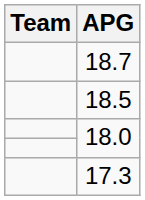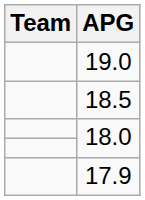 <table class=wikitable>
 <tr>
 <th>Team</th>
 <th>APG</th>
 </tr>
 <tr>
 <td></td>
-<td align=center>18.7</td>
+<td align=center>19.0</td>
 </tr>
 <tr>
 <td></td>
 <td align=center>18.5</td>
 </tr>
 <tr>
 <td></td>
 <td align=center rowspan=2>18.0</td>
 </tr>
 <tr>
 <td></td>
 </tr>
 <tr>
 <td></td>
-<td align=center>17.3</td>
+<td align=center>17.9</td>
 </tr>
 </table>
